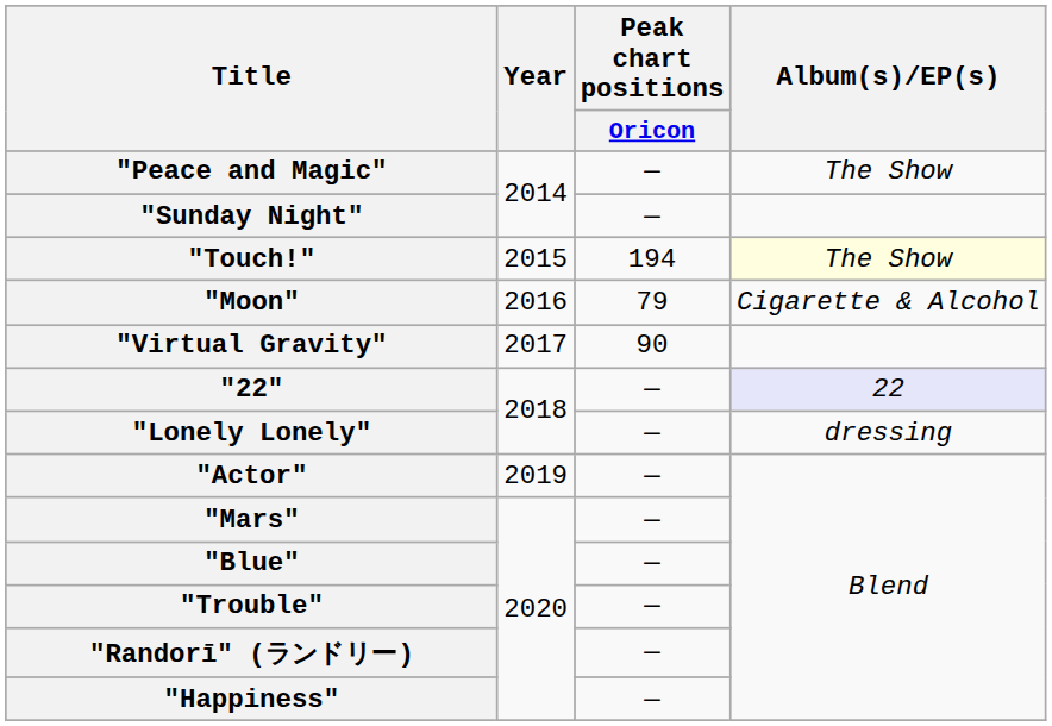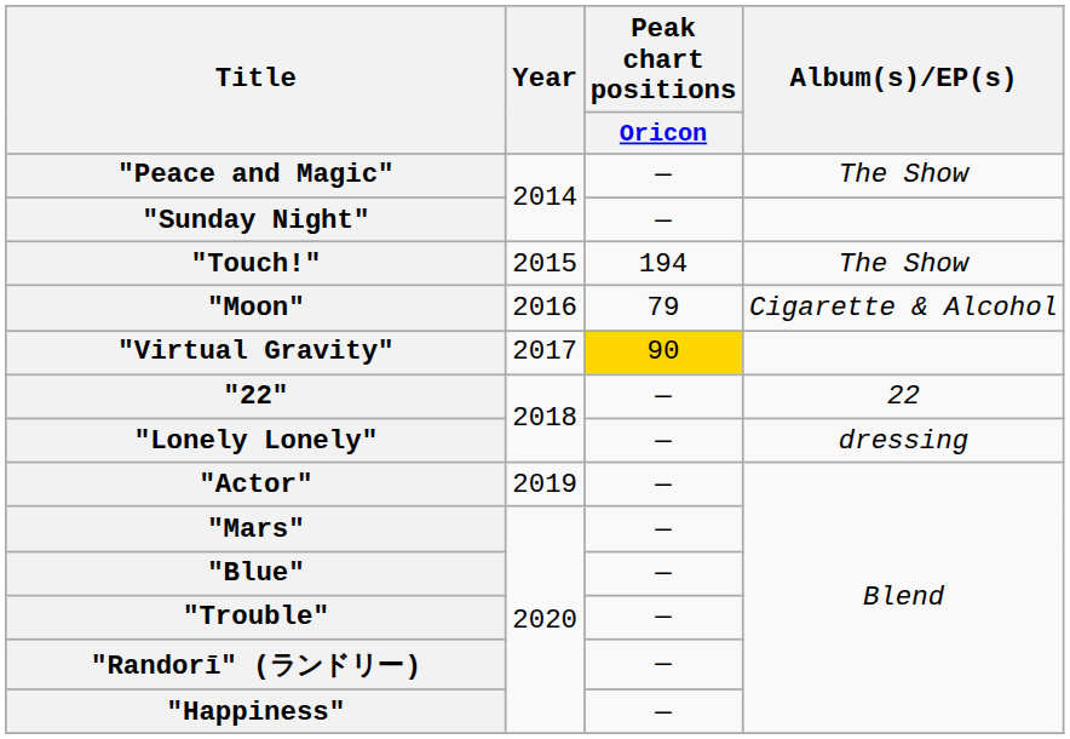 <table class="wikitable plainrowheaders" style="text-align:center;">
 <tr>
 <th scope="col" rowspan="2" style="width:18em;">Title</th>
 <th scope="col" rowspan="2" style="width:1em;">Year</th>
 <th scope="col" colspan="1">Peak chart positions</th>
 <th scope="col" rowspan="2">Album(s)/EP(s)</th>
 </tr>
 <tr>
 <th scope="col" style="width:2em;font-size:90%;"><a href='#'>Oricon</a></th>
 </tr>
 <tr>
 <th scope="row">"Peace and Magic"</th>
 <td rowspan="2">2014</td>
 <td>—</td>
 <td align=center><em>The Show</em></td>
 </tr>
 <tr>
 <th scope="row">"Sunday Night"</th>
 <td>—</td>
 <td></td>
 </tr>
 <tr>
 <th scope="row">"Touch!"</th>
 <td rowspan="1">2015</td>
 <td>194</td>
-<td align=center style="background: lightyellow;"><em>The Show</em></td>
+<td align=center><em>The Show</em></td>
 </tr>
 <tr>
 <th scope="row">"Moon"</th>
 <td rowspan="1">2016</td>
 <td>79</td>
 <td align=center><em>Cigarette & Alcohol	</em></td>
 </tr>
 <tr>
 <th scope="row">"Virtual Gravity"</th>
 <td rowspan="1">2017</td>
-<td>90</td>
+<td style="background: gold;">90</td>
 <td></td>
 </tr>
 <tr>
 <th scope="row">"22"</th>
 <td rowspan="2">2018</td>
 <td>—</td>
-<td style="background: lavender;"><em>22</em></td>
+<td><em>22</em></td>
 </tr>
 <tr>
 <th scope="row">"Lonely Lonely" </th>
 <td>—</td>
 <td><em>dressing</em></td>
 </tr>
 <tr>
 <th scope="row">"Actor"</th>
 <td rowspan="1">2019</td>
 <td>—</td>
 <td rowspan=6><em>Blend</em></td>
 </tr>
 <tr>
 <th scope="row">"Mars"</th>
 <td rowspan="5">2020</td>
 <td>—</td>
 </tr>
 <tr>
 <th scope="row">"Blue" </th>
 <td>—</td>
 </tr>
 <tr>
 <th scope="row">"Trouble"</th>
 <td>—</td>
 </tr>
 <tr>
 <th scope="row">"Randorī" (ランドリー)</th>
 <td>—</td>
 </tr>
 <tr>
 <th scope="row">"Happiness" </th>
 <td>—</td>
 </tr>
 </table>
